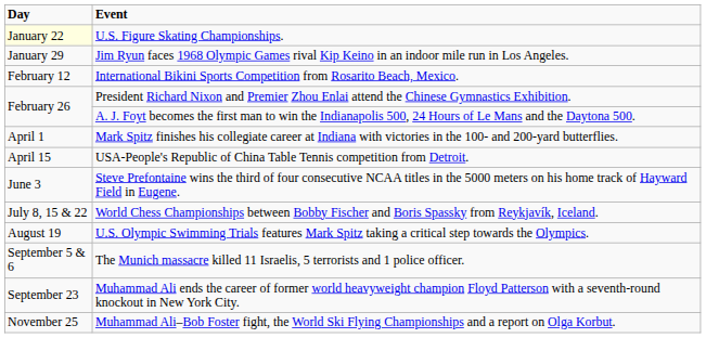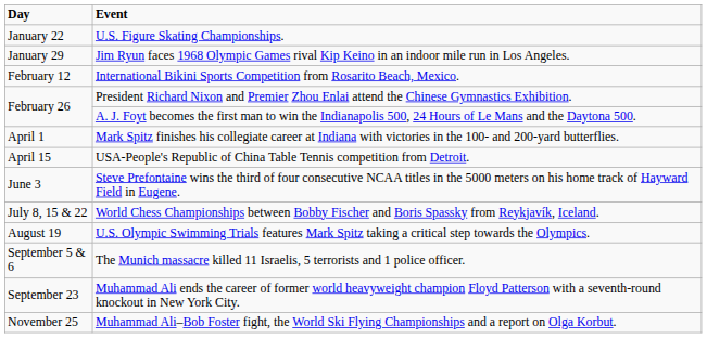 <table class="wikitable">
 <tr>
 <td><strong>Day</strong></td>
 <td><strong>Event</strong></td>
 </tr>
 <tr>
-<td style="background: lightyellow;">January 22</td>
+<td>January 22</td>
 <td><a href='#'>U.S. Figure Skating Championships</a>.</td>
 </tr>
 <tr>
 <td>January 29</td>
 <td><a href='#'>Jim Ryun</a> faces <a href='#'>1968 Olympic Games</a> rival <a href='#'>Kip Keino</a> in an indoor mile run in Los Angeles.</td>
 </tr>
 <tr>
 <td>February 12</td>
 <td><a href='#'>International Bikini Sports Competition</a> from <a href='#'>Rosarito Beach, Mexico</a>.</td>
 </tr>
 <tr>
 <td rowspan="2">February 26</td>
 <td>President <a href='#'>Richard Nixon</a> and <a href='#'>Premier</a> <a href='#'>Zhou Enlai</a> attend the <a href='#'>Chinese Gymnastics Exhibition</a>.</td>
 </tr>
 <tr>
 <td><a href='#'>A. J. Foyt</a> becomes the first man to win the <a href='#'>Indianapolis 500</a>, <a href='#'>24 Hours of Le Mans</a> and the <a href='#'>Daytona 500</a>.</td>
 </tr>
 <tr>
 <td>April 1</td>
 <td><a href='#'>Mark Spitz</a> finishes his collegiate career at <a href='#'>Indiana</a> with victories in the 100- and 200-yard butterflies.</td>
 </tr>
 <tr>
 <td>April 15</td>
 <td>USA-People's Republic of China Table Tennis competition from <a href='#'>Detroit</a>.</td>
 </tr>
 <tr>
 <td>June 3</td>
 <td><a href='#'>Steve Prefontaine</a> wins the third of four consecutive NCAA titles in the 5000 meters on his home track of <a href='#'>Hayward Field</a> in <a href='#'>Eugene</a>.</td>
 </tr>
 <tr>
 <td>July 8, 15 & 22</td>
 <td><a href='#'>World Chess Championships</a> between <a href='#'>Bobby Fischer</a> and <a href='#'>Boris Spassky</a> from <a href='#'>Reykjavík</a>, <a href='#'>Iceland</a>.</td>
 </tr>
 <tr>
 <td>August 19</td>
 <td><a href='#'>U.S. Olympic Swimming Trials</a> features <a href='#'>Mark Spitz</a> taking a critical step towards the <a href='#'>Olympics</a>.</td>
 </tr>
 <tr>
 <td>September 5 & 6</td>
 <td>The <a href='#'>Munich massacre</a> killed 11 Israelis, 5 terrorists and 1 police officer.</td>
 </tr>
 <tr>
 <td>September 23</td>
 <td><a href='#'>Muhammad Ali</a> ends the career of former <a href='#'>world heavyweight champion</a> <a href='#'>Floyd Patterson</a> with a seventh-round knockout in New York City.</td>
 </tr>
 <tr>
 <td>November 25</td>
 <td><a href='#'>Muhammad Ali</a>–<a href='#'>Bob Foster</a> fight, the <a href='#'>World Ski Flying Championships</a> and a report on <a href='#'>Olga Korbut</a>.</td>
 </tr>
 </table>
